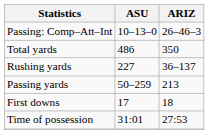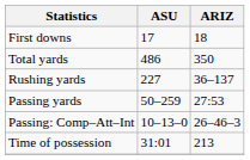 <table class="wikitable" style="float: left;">
 <tr>
 <th>Statistics</th>
 <th>ASU</th>
 <th>ARIZ</th>
 </tr>
 <tr>
-<td>Passing: Comp–Att–Int</td>
-<td>10–13–0</td>
-<td>26–46–3</td>
+<td>First downs</td>
+<td>17</td>
+<td>18</td>
 </tr>
 <tr>
 <td>Total yards</td>
 <td>486</td>
 <td>350</td>
 </tr>
 <tr>
 <td>Rushing yards</td>
 <td>227</td>
 <td>36–137</td>
 </tr>
 <tr>
 <td>Passing yards</td>
 <td>50–259</td>
-<td>213</td>
+<td>27:53</td>
 </tr>
 <tr>
-<td>First downs</td>
-<td>17</td>
-<td>18</td>
+<td>Passing: Comp–Att–Int</td>
+<td>10–13–0</td>
+<td>26–46–3</td>
 </tr>
 <tr>
 <td>Time of possession</td>
 <td>31:01</td>
-<td>27:53</td>
+<td>213</td>
 </tr>
 <tr>
 </tr>
 </table>
